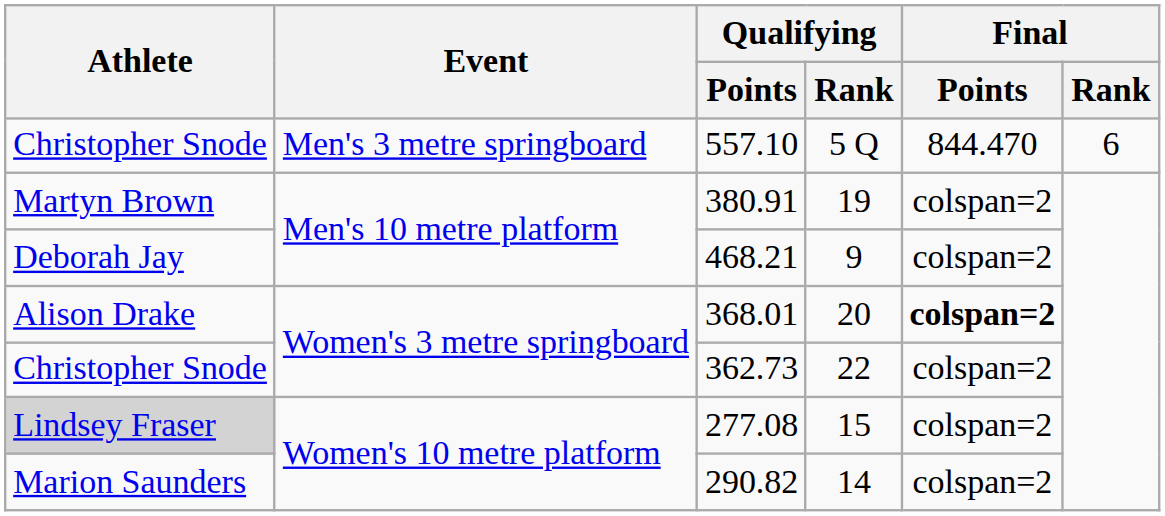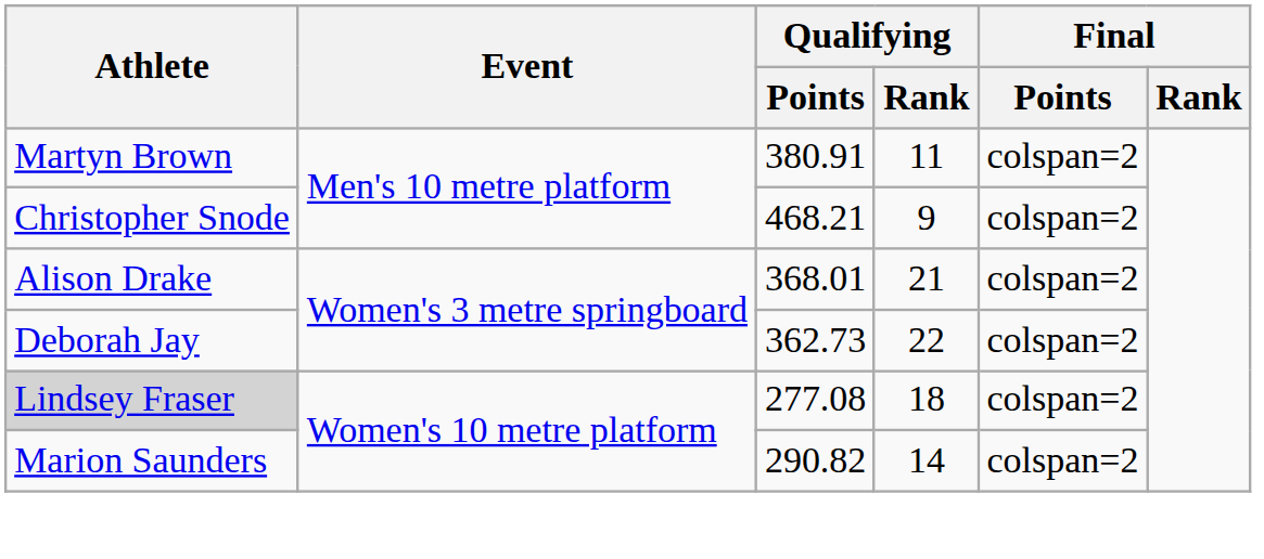 <table class="wikitable" style="font-size:90%;">
 <tr>
 <th rowspan=2>Athlete</th>
 <th rowspan=2>Event</th>
 <th colspan=2>Qualifying</th>
 <th colspan=2>Final</th>
 </tr>
 <tr>
 <th>Points</th>
 <th>Rank</th>
 <th>Points</th>
 <th>Rank</th>
 </tr>
 <tr align=center>
-<td align=left><a href='#'>Christopher Snode</a></td>
-<td align=left><a href='#'>Men's 3 metre springboard</a></td>
-<td>557.10</td>
-<td>5 Q</td>
-<td>844.470</td>
-<td>6</td>
-</tr>
-<tr align=center>
 <td align=left><a href='#'>Martyn Brown</a></td>
 <td align=left rowspan=2><a href='#'>Men's 10 metre platform</a></td>
 <td>380.91</td>
-<td>19</td>
+<td>11</td>
 <td>colspan=2</td>
 </tr>
 <tr align=center>
-<td align=left><a href='#'>Deborah Jay</a></td>
+<td align=left><a href='#'>Christopher Snode</a></td>
 <td>468.21</td>
 <td>9</td>
 <td>colspan=2</td>
 </tr>
 <tr align=center>
 <td align=left><a href='#'>Alison Drake</a></td>
 <td align=left rowspan=2><a href='#'>Women's 3 metre springboard</a></td>
 <td>368.01</td>
-<td>20</td>
-<td><strong>colspan=2</strong></td>
+<td>21</td>
+<td>colspan=2</td>
 </tr>
 <tr align=center>
-<td align=left><a href='#'>Christopher Snode</a></td>
+<td align=left><a href='#'>Deborah Jay</a></td>
 <td>362.73</td>
 <td>22</td>
 <td>colspan=2</td>
 </tr>
 <tr align=center>
 <td align=left style="background: lightgrey;"><a href='#'>Lindsey Fraser</a></td>
 <td align=left rowspan=2><a href='#'>Women's 10 metre platform</a></td>
 <td>277.08</td>
-<td>15</td>
+<td>18</td>
 <td>colspan=2</td>
 </tr>
 <tr align=center>
 <td align=left><a href='#'>Marion Saunders</a></td>
 <td>290.82</td>
 <td>14</td>
 <td>colspan=2</td>
 </tr>
 </table>
